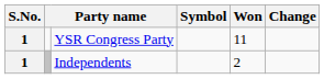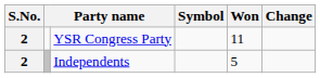 <table CLASS="sortable wikitable">
 <tr>
 <th>S.No.</th>
 <th colspan=2>Party name</th>
 <th>Symbol</th>
 <th>Won</th>
 <th>Change</th>
 </tr>
 <tr>
-<th>1</th>
+<th>2</th>
 <td></td>
 <td><a href='#'>YSR Congress Party</a></td>
 <td></td>
 <td>11</td>
 <td></td>
 </tr>
 <tr>
-<th>1</th>
+<th>2</th>
 <td bgcolor=#C1C1C1></td>
 <td><a href='#'>Independents</a></td>
 <td></td>
-<td>2</td>
+<td>5</td>
 <td></td>
 </tr>
 </table>
